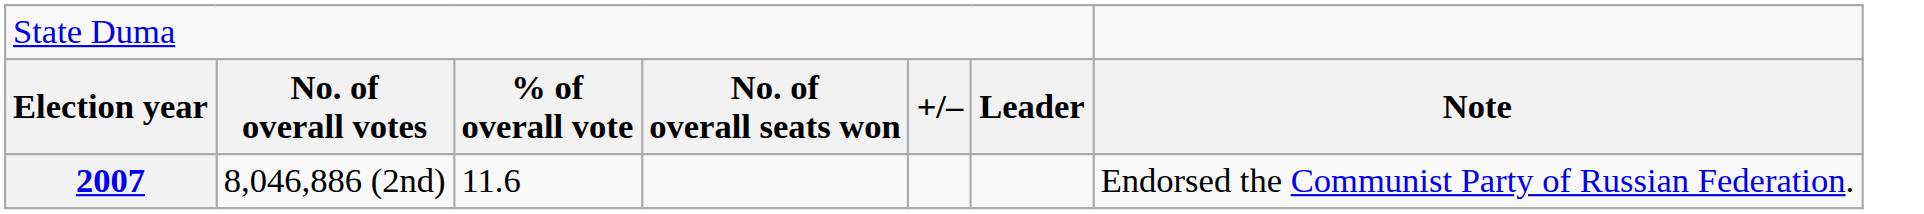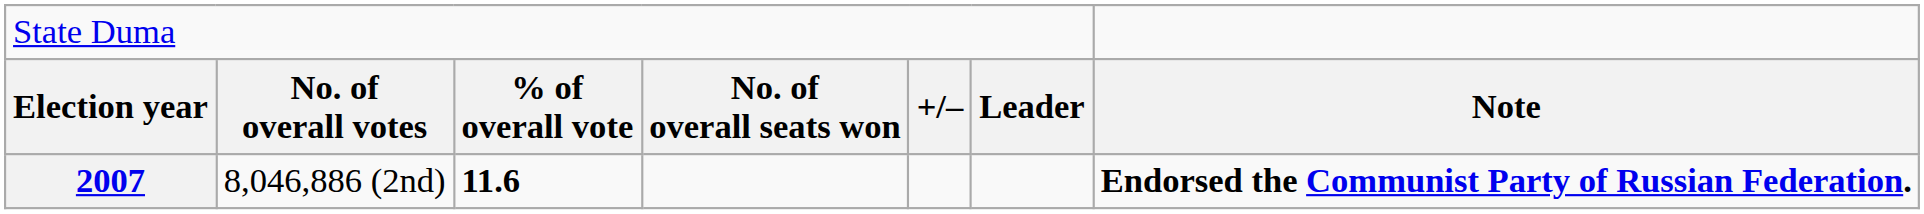 <table class=wikitable>
 <tr>
 <td colspan=6><a href='#'>State Duma</a></td>
 </tr>
 <tr>
 <th>Election year</th>
 <th>No. of<br>overall votes</th>
 <th>% of<br>overall vote</th>
 <th>No. of<br>overall seats won</th>
 <th>+/–</th>
 <th>Leader</th>
 <th>Note</th>
 </tr>
 <tr>
 <th><a href='#'>2007</a></th>
 <td>8,046,886 (2nd)</td>
-<td>11.6</td>
+<td><strong>11.6</strong></td>
 <td></td>
 <td></td>
 <td></td>
-<td>Endorsed the <a href='#'>Communist Party of Russian Federation</a>.</td>
+<td><strong>Endorsed the <a href='#'>Communist Party of Russian Federation</a>.</strong></td>
 </tr>
 </table>
